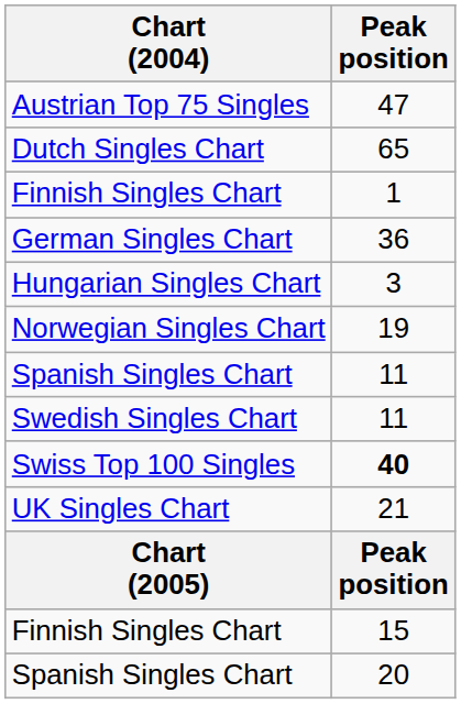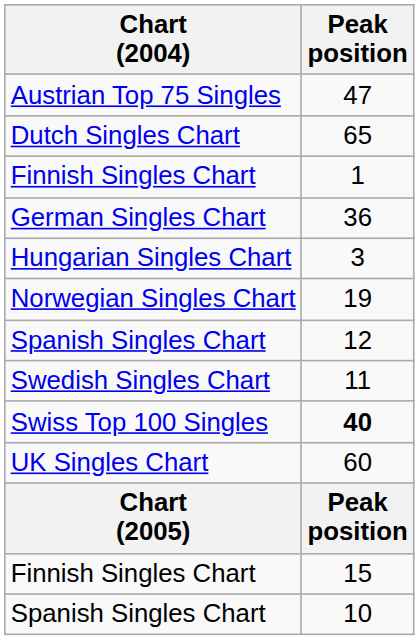 <table class="wikitable sortable">
 <tr>
 <th style="text-align:center;">Chart<br>(2004)</th>
 <th style="text-align:center;">Peak<br>position</th>
 </tr>
 <tr>
 <td><a href='#'>Austrian Top 75 Singles</a></td>
 <td style="text-align:center;">47</td>
 </tr>
 <tr>
 <td><a href='#'>Dutch Singles Chart</a></td>
 <td style="text-align:center;">65</td>
 </tr>
 <tr>
 <td><a href='#'>Finnish Singles Chart</a></td>
 <td style="text-align:center;">1</td>
 </tr>
 <tr>
 <td><a href='#'>German Singles Chart</a></td>
 <td style="text-align:center;">36</td>
 </tr>
 <tr>
 <td><a href='#'>Hungarian Singles Chart</a></td>
 <td style="text-align:center;">3</td>
 </tr>
 <tr>
 <td><a href='#'>Norwegian Singles Chart</a></td>
 <td style="text-align:center;">19</td>
 </tr>
 <tr>
 <td><a href='#'>Spanish Singles Chart</a></td>
-<td style="text-align:center;">11</td>
+<td style="text-align:center;">12</td>
 </tr>
 <tr>
 <td><a href='#'>Swedish Singles Chart</a></td>
 <td style="text-align:center;">11</td>
 </tr>
 <tr>
 <td><a href='#'>Swiss Top 100 Singles</a></td>
 <td style="text-align:center;"><strong>40</strong></td>
 </tr>
 <tr>
 <td><a href='#'>UK Singles Chart</a></td>
-<td style="text-align:center;">21</td>
+<td style="text-align:center;">60</td>
 </tr>
 <tr>
 <th style="text-align:center;">Chart<br>(2005)</th>
 <th style="text-align:center;">Peak<br>position</th>
 </tr>
 <tr>
 <td>Finnish Singles Chart</td>
 <td style="text-align:center;">15</td>
 </tr>
 <tr>
 <td>Spanish Singles Chart</td>
-<td style="text-align:center;">20</td>
+<td style="text-align:center;">10</td>
 </tr>
 </table>
